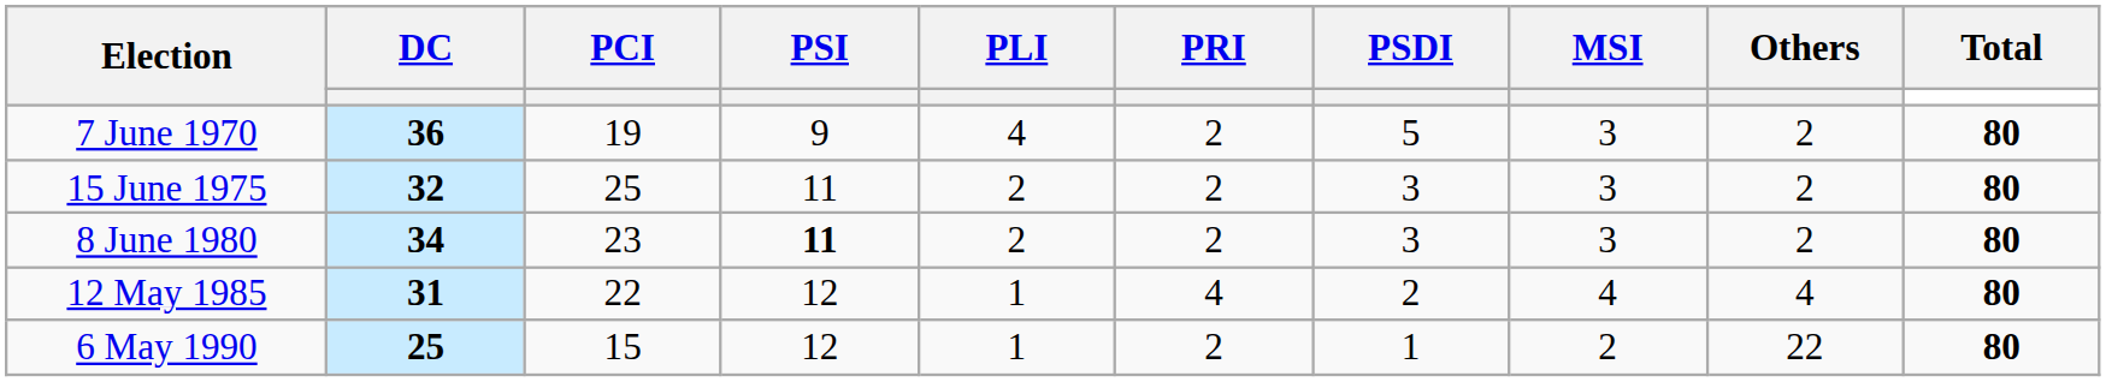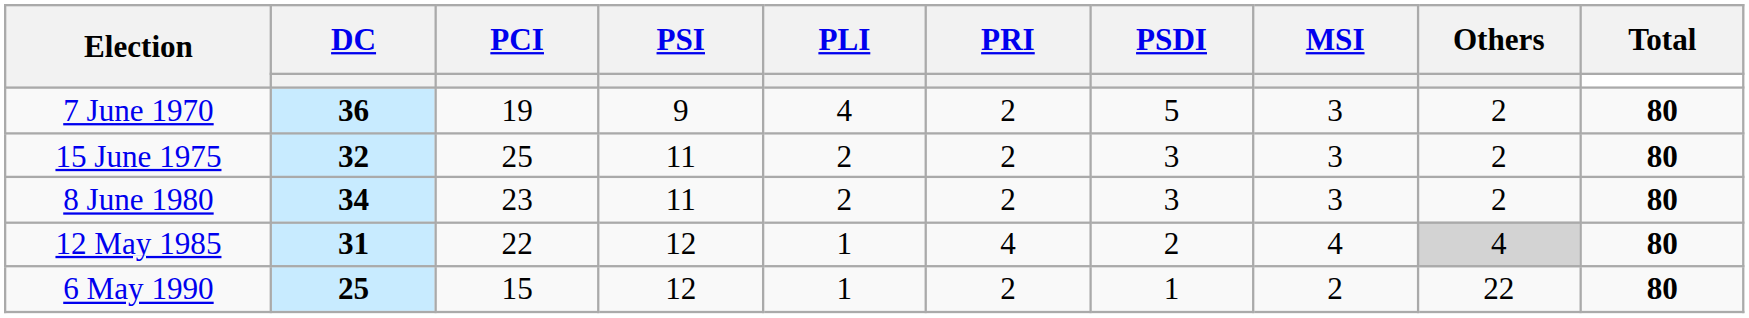 <table class="wikitable" style="text-align:center;font-size:85%;line-height:13px">
 <tr style="height:30px; background-color:#E9E9E9">
 <th style="width:110px;" rowspan="2">Election</th>
 <th style="width:65px;"><a href='#'>DC</a></th>
 <th style="width:65px;"><a href='#'>PCI</a></th>
 <th style="width:65px;"><a href='#'>PSI</a></th>
 <th style="width:65px;"><a href='#'>PLI</a></th>
 <th style="width:65px;"><a href='#'>PRI</a></th>
 <th style="width:65px;"><a href='#'>PSDI</a></th>
 <th style="width:65px;"><a href='#'>MSI</a></th>
 <th style="width:65px;">Others</th>
 <th style="width:65px;">Total</th>
 </tr>
 <tr>
 <th style="color:inherit;background:"></th>
 <th style="color:inherit;background:"></th>
 <th style="color:inherit;background:"></th>
 <th style="color:inherit;background:"></th>
 <th style="color:inherit;background:"></th>
 <th style="color:inherit;background:"></th>
 <th style="color:inherit;background:"></th>
 <th style="color:inherit;background:"></th>
 <th style="color:inherit;background:white;"></th>
 </tr>
 <tr>
 <td><a href='#'>7 June 1970</a></td>
 <td style="background:#C8EBFF"><strong>36</strong></td>
 <td>19</td>
 <td>9</td>
 <td>4</td>
 <td>2</td>
 <td>5</td>
 <td>3</td>
 <td>2</td>
 <td><strong>80</strong></td>
 </tr>
 <tr>
 <td><a href='#'>15 June 1975</a></td>
 <td style="background:#C8EBFF"><strong>32</strong></td>
 <td>25</td>
 <td>11</td>
 <td>2</td>
 <td>2</td>
 <td>3</td>
 <td>3</td>
 <td>2</td>
 <td><strong>80</strong></td>
 </tr>
 <tr>
 <td><a href='#'>8 June 1980</a></td>
 <td style="background:#C8EBFF"><strong>34</strong></td>
 <td>23</td>
-<td><strong>11</strong></td>
+<td>11</td>
 <td>2</td>
 <td>2</td>
 <td>3</td>
 <td>3</td>
 <td>2</td>
 <td><strong>80</strong></td>
 </tr>
 <tr>
 <td><a href='#'>12 May 1985</a></td>
 <td style="background:#C8EBFF"><strong>31</strong></td>
 <td>22</td>
 <td>12</td>
 <td>1</td>
 <td>4</td>
 <td>2</td>
 <td>4</td>
-<td>4</td>
+<td style="background: lightgrey;">4</td>
 <td><strong>80</strong></td>
 </tr>
 <tr>
 <td><a href='#'>6 May 1990</a></td>
 <td style="background:#C8EBFF"><strong>25</strong></td>
 <td>15</td>
 <td>12</td>
 <td>1</td>
 <td>2</td>
 <td>1</td>
 <td>2</td>
 <td>22</td>
 <td><strong>80</strong></td>
 </tr>
 </table>
